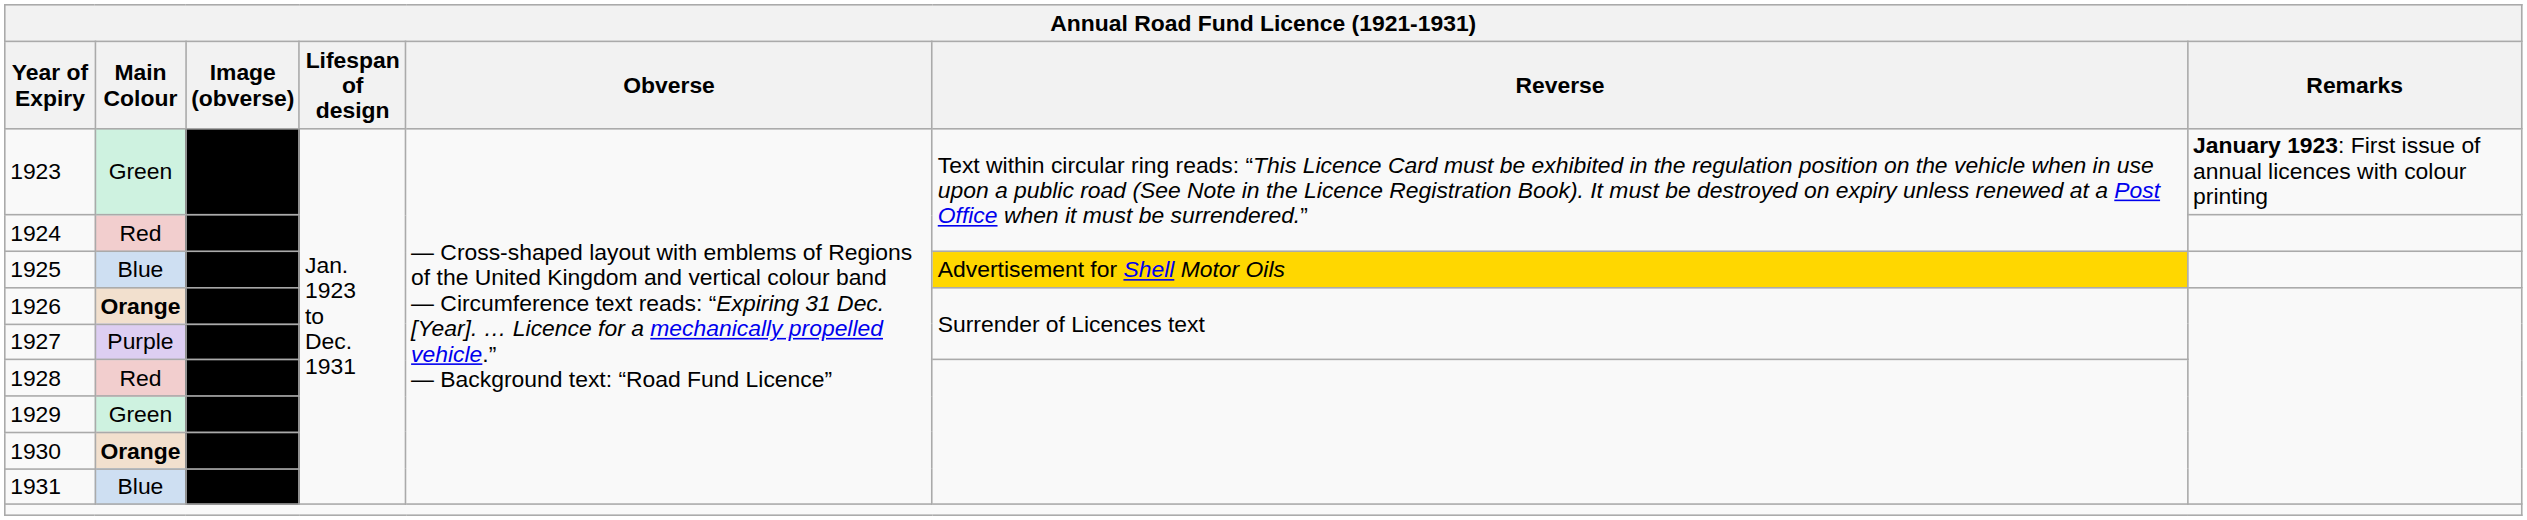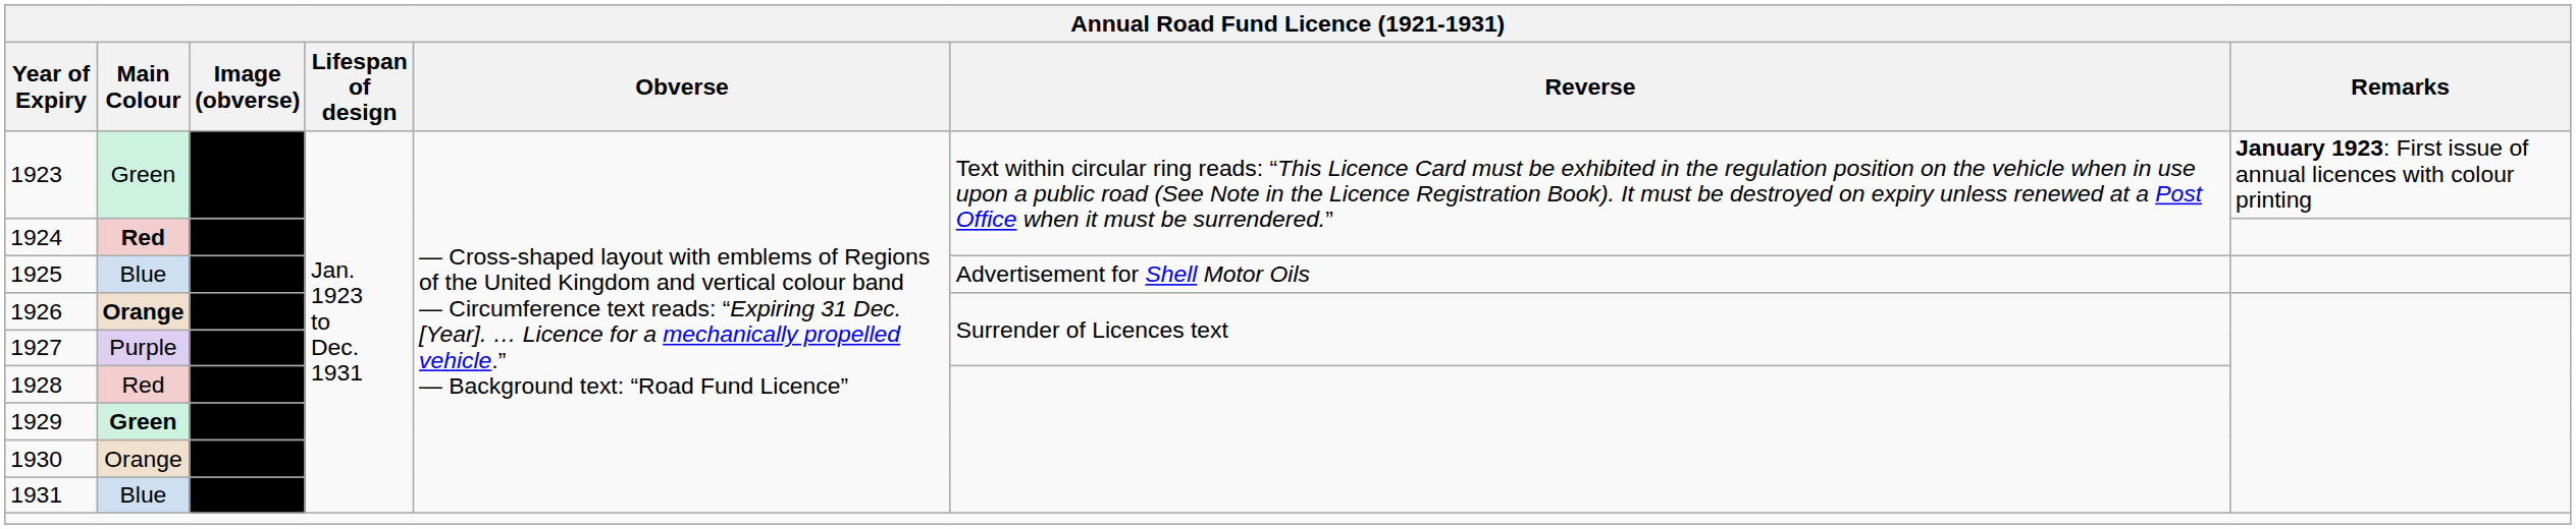 <table class="wikitable collapsible autocollapse" style="font-size: 90%; width: 100%">
 <tr>
 <th colspan="12">Annual Road Fund Licence (1921-1931)</th>
 </tr>
 <tr>
 <th style="width: 50px">Year of Expiry</th>
 <th style="width: 50px">Main Colour</th>
 <th style="width: 53px">Image (obverse)</th>
 <th style="width: 60px">Lifespan of design</th>
 <th>Obverse</th>
 <th>Reverse</th>
 <th>Remarks</th>
 </tr>
 <tr>
 <td>1923</td>
 <td align="center" bgcolor=#cef2e0>Green</td>
 <td bgcolor=#000></td>
 <td rowspan=9>Jan. 1923<br>to<br>Dec. 1931</td>
 <td rowspan=9>— Cross-shaped layout with emblems of Regions of the United Kingdom and vertical colour band<br>— Circumference text reads: “<em>Expiring 31 Dec. [Year]. … Licence for a <a href='#'>mechanically propelled vehicle</a></em>.”<br>— Background text: “Road Fund Licence”</td>
 <td rowspan=2>Text within circular ring reads: “<em>This Licence Card must be exhibited in the regulation position on the vehicle when in use upon a public road (See Note in the Licence Registration Book). It must be destroyed on expiry unless renewed at a <a href='#'>Post Office</a> when it must be surrendered.</em>”</td>
 <td><strong>January 1923</strong>: First issue of annual licences with colour printing</td>
 </tr>
 <tr>
 <td>1924</td>
-<td align="center" bgcolor=#f2cece>Red</td>
+<td align="center" bgcolor=#f2cece><strong>Red</strong></td>
 <td bgcolor=#000></td>
 <td></td>
 </tr>
 <tr>
 <td>1925</td>
 <td align="center" bgcolor=#cedff2>Blue</td>
 <td bgcolor=#000></td>
-<td style="background: gold;">Advertisement for <em><a href='#'>Shell</a> Motor Oils</em></td>
+<td>Advertisement for <em><a href='#'>Shell</a> Motor Oils</em></td>
 <td></td>
 </tr>
 <tr>
 <td>1926</td>
 <td align="center" bgcolor=#f2e0ce><strong>Orange</strong></td>
 <td bgcolor=#000></td>
 <td rowspan=2>Surrender of Licences text</td>
 <td rowspan=6></td>
 </tr>
 <tr>
 <td>1927</td>
 <td align="center" bgcolor=#ddcef2>Purple</td>
 <td bgcolor=#000></td>
 </tr>
 <tr>
 <td>1928</td>
 <td align="center" bgcolor=#f2cece>Red</td>
 <td bgcolor=#000></td>
 </tr>
 <tr>
 <td>1929</td>
-<td align="center" bgcolor=#cef2e0>Green</td>
+<td align="center" bgcolor=#cef2e0><strong>Green</strong></td>
 <td bgcolor=#000></td>
 </tr>
 <tr>
 <td>1930</td>
-<td align="center" bgcolor=#f2e0ce><strong>Orange</strong></td>
+<td align="center" bgcolor=#f2e0ce>Orange</td>
 <td bgcolor=#000></td>
 </tr>
 <tr>
 <td>1931</td>
 <td align="center" bgcolor=#cedff2>Blue</td>
 <td bgcolor=#000></td>
 </tr>
 <tr>
 <td colspan="7"></td>
 </tr>
 </table>
